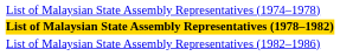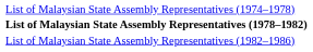 <table id=toc style="float:right">
 <tr>
 <td><a href='#'>List of Malaysian State Assembly Representatives (1974–1978)</a></td>
 </tr>
 <tr>
-<td style="background: gold;"><strong>List of Malaysian State Assembly Representatives (1978–1982)</strong></td>
+<td><strong>List of Malaysian State Assembly Representatives (1978–1982)</strong></td>
 </tr>
 <tr>
 <td><a href='#'>List of Malaysian State Assembly Representatives (1982–1986)</a></td>
 </tr>
 </table>
